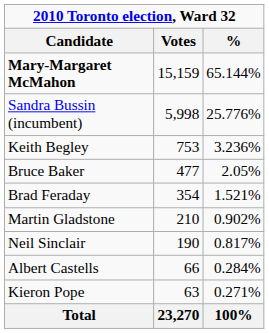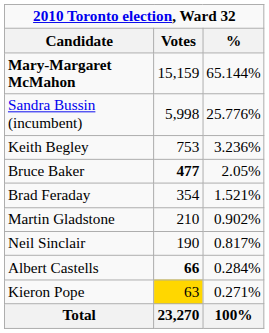 <table class="wikitable">
 <tr>
 <td Colspan="3" align="center"><strong><a href='#'>2010 Toronto election</a>, Ward 32</strong></td>
 </tr>
 <tr>
 <th bgcolor="#DDDDFF" width="150px">Candidate</th>
 <th bgcolor="#DDDDFF">Votes</th>
 <th bgcolor="#DDDDFF">%</th>
 </tr>
 <tr>
 <td><strong>Mary-Margaret McMahon</strong></td>
 <td align=right>15,159</td>
 <td align=right>65.144%</td>
 </tr>
 <tr>
 <td><a href='#'>Sandra Bussin</a> (incumbent)</td>
 <td align=right>5,998</td>
 <td align=right>25.776%</td>
 </tr>
 <tr>
 <td>Keith Begley</td>
 <td align=right>753</td>
 <td align=right>3.236%</td>
 </tr>
 <tr>
 <td>Bruce Baker</td>
-<td align=right>477</td>
+<td align=right><strong>477</strong></td>
 <td align=right>2.05%</td>
 </tr>
 <tr>
 <td>Brad Feraday</td>
 <td align=right>354</td>
 <td align=right>1.521%</td>
 </tr>
 <tr>
 <td>Martin Gladstone</td>
 <td align=right>210</td>
 <td align=right>0.902%</td>
 </tr>
 <tr>
 <td>Neil Sinclair</td>
 <td align=right>190</td>
 <td align=right>0.817%</td>
 </tr>
 <tr>
 <td>Albert Castells</td>
-<td align=right>66</td>
+<td align=right><strong>66</strong></td>
 <td align=right>0.284%</td>
 </tr>
 <tr>
 <td>Kieron Pope</td>
-<td align=right>63</td>
+<td align=right style="background: gold;">63</td>
 <td align=right>0.271%</td>
 </tr>
 <tr>
 <th>Total</th>
 <th align=right>23,270</th>
 <th align=right>100%</th>
 </tr>
 </table>
